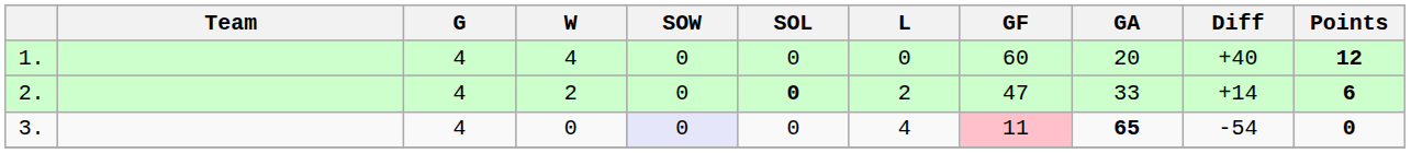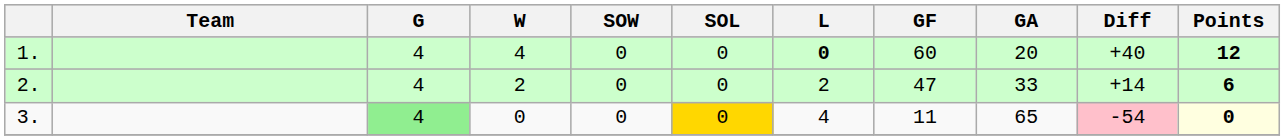 <table class=wikitable style="text-align:center">
 <tr bgcolor="#DCDCDC">
 <th width="25"></th>
 <th width="200">Team</th>
 <th width="60">G</th>
 <th width="60">W</th>
 <th width="60">SOW</th>
 <th width="60">SOL</th>
 <th width="60">L</th>
 <th width="60">GF</th>
 <th width="60">GA</th>
 <th width="60">Diff</th>
 <th width="60">Points</th>
 </tr>
 <tr bgcolor="ccffcc">
 <td>1.</td>
 <td align=left></td>
 <td>4</td>
 <td>4</td>
 <td>0</td>
 <td>0</td>
-<td>0</td>
+<td><strong>0</strong></td>
 <td>60</td>
 <td>20</td>
 <td>+40</td>
 <td><strong>12</strong></td>
 </tr>
 <tr bgcolor="ccffcc">
 <td>2.</td>
 <td align=left></td>
 <td>4</td>
 <td>2</td>
 <td>0</td>
-<td><strong>0</strong></td>
+<td>0</td>
 <td>2</td>
 <td>47</td>
 <td>33</td>
 <td>+14</td>
 <td><strong>6</strong></td>
 </tr>
 <tr>
 <td>3.</td>
 <td align=left></td>
+<td style="background: lightgreen;">4</td>
+<td>0</td>
+<td>0</td>
+<td style="background: gold;">0</td>
 <td>4</td>
-<td>0</td>
-<td style="background: lavender;">0</td>
-<td>0</td>
-<td>4</td>
-<td style="background: pink;">11</td>
-<td><strong>65</strong></td>
-<td>-54</td>
-<td><strong>0</strong></td>
+<td>11</td>
+<td>65</td>
+<td style="background: pink;">-54</td>
+<td style="background: lightyellow;"><strong>0</strong></td>
 </tr>
 <tr>
 </tr>
 </table>
